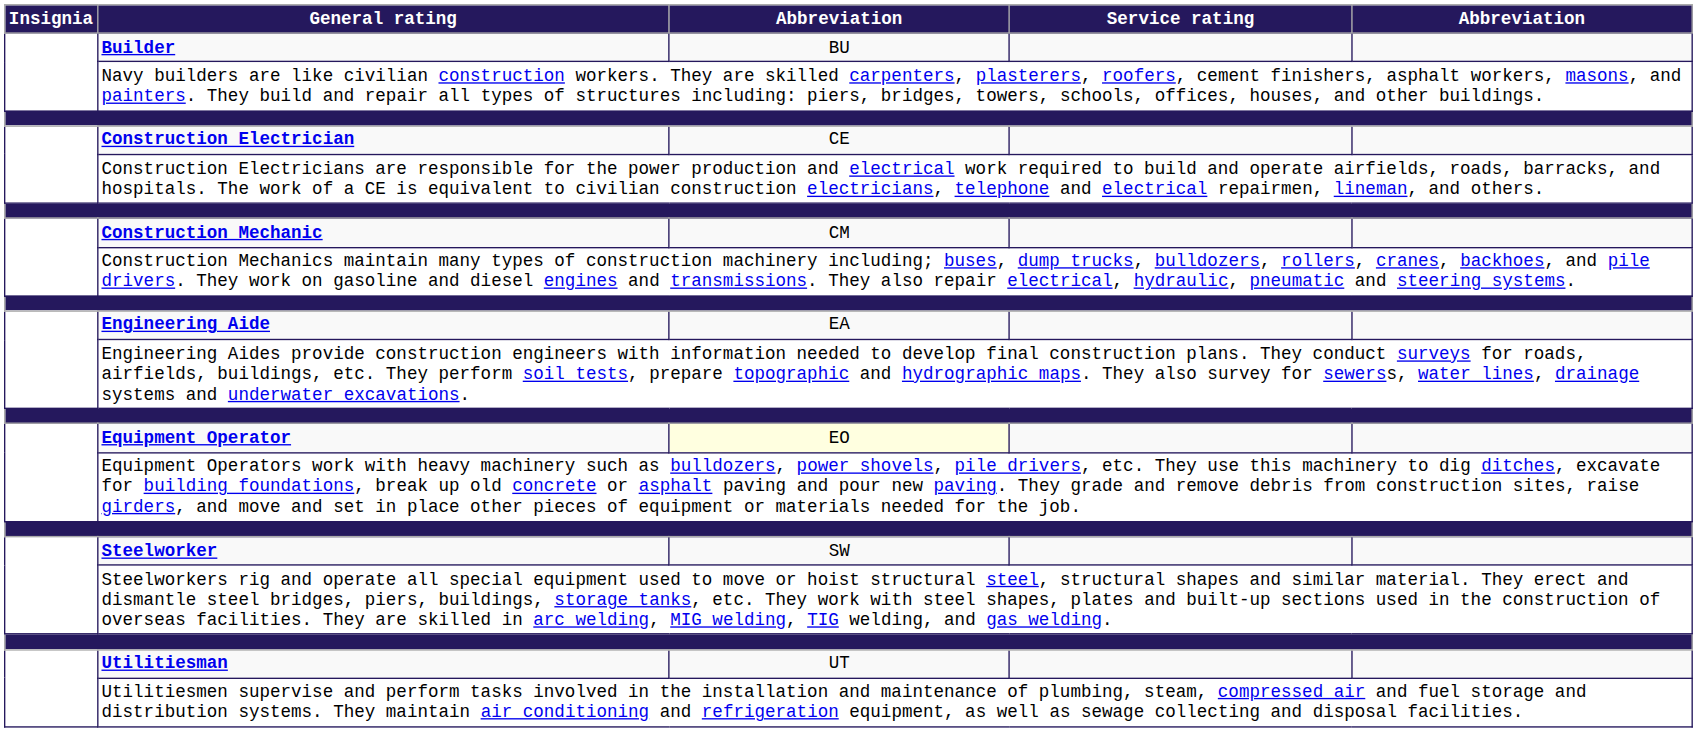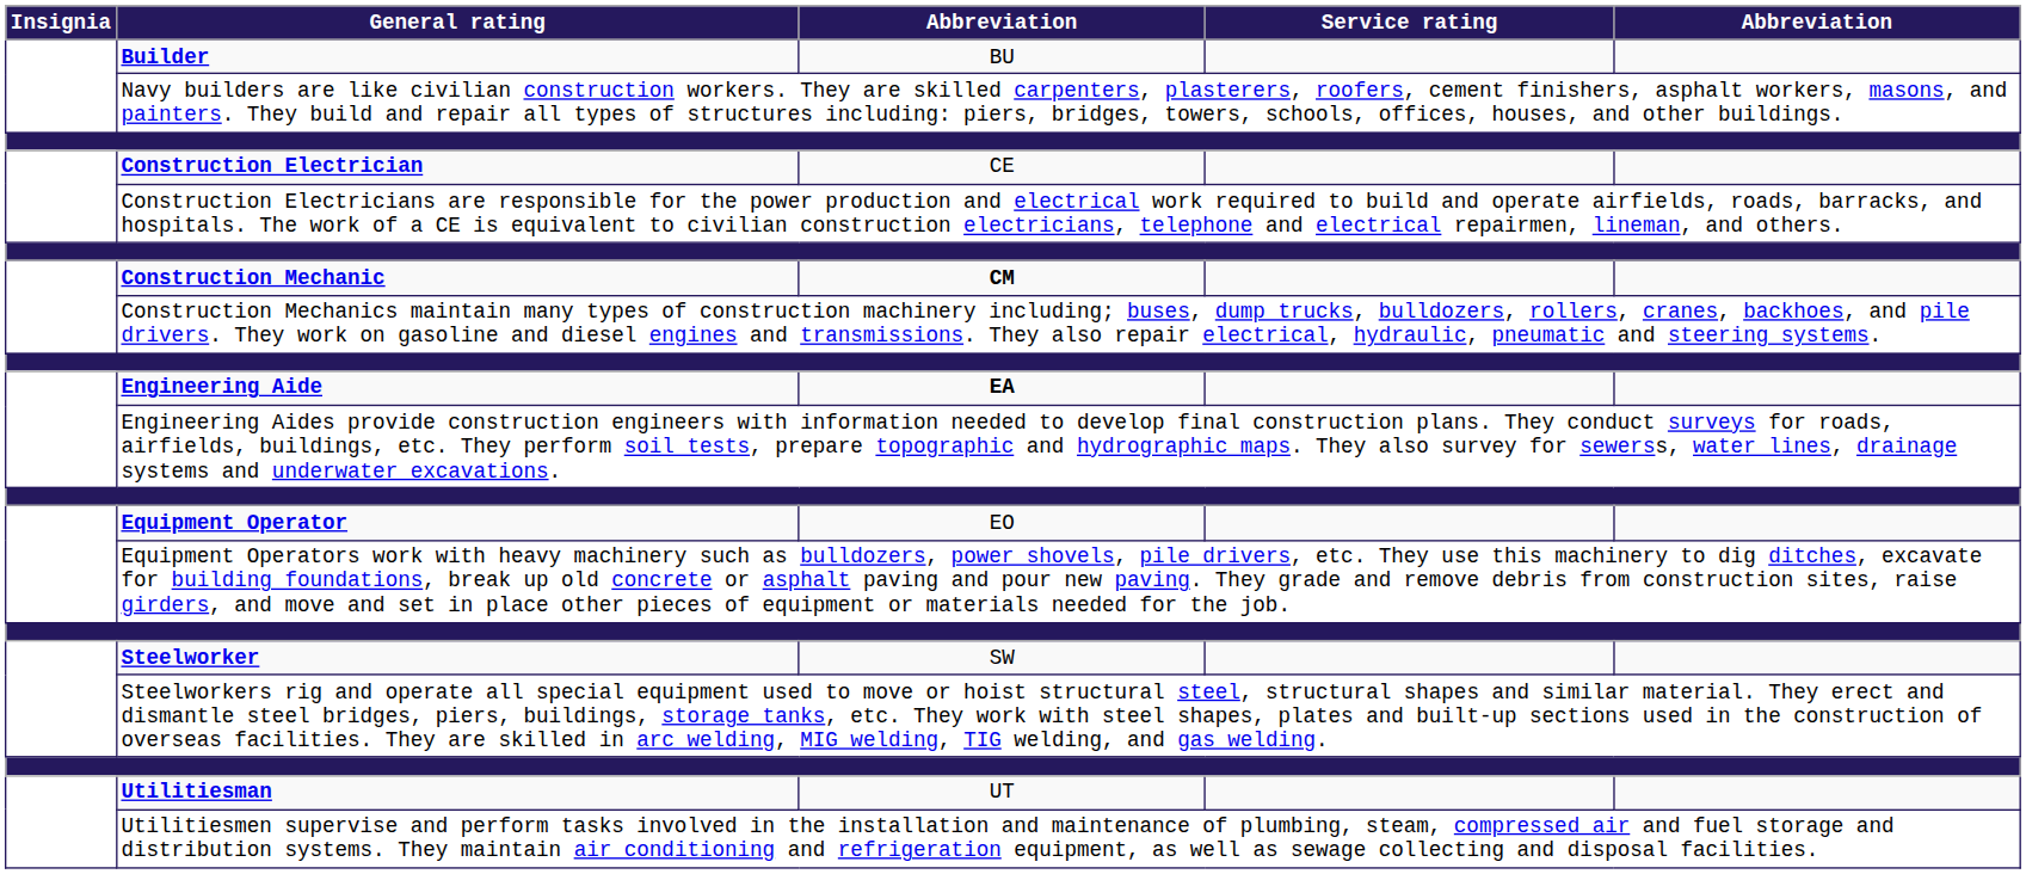 <table class="wikitable" style="border:#25185d;">
 <tr>
 <th style="background:#25185d; color:white;">Insignia</th>
 <th style="background:#25185d; color:white;">General rating</th>
 <th style="background:#25185d; color:white;">Abbreviation</th>
 <th style="background:#25185d; color:white;">Service rating</th>
 <th style="background:#25185d; color:white;">Abbreviation</th>
 </tr>
 <tr>
 <td style="border:1px solid #25185d; background:#fff;" rowspan="2"></td>
 <td style="border: 1px solid #25185d;"><strong><a href='#'>Builder</a></strong></td>
 <td style="border: 1px solid #25185d; text-align: center">BU</td>
 <td style="border: 1px solid #25185d; text-align: center; font-size: x-small"></td>
 <td style="border: 1px solid #25185d; text-align: center; font-size: x-small"></td>
 </tr>
 <tr style="border:1px solid #25185d; background:#fff;"|>
 <td colspan="4" style="border:1px solid #25185d; vertical-align:top;">Navy builders are like civilian <a href='#'>construction</a> workers. They are skilled <a href='#'>carpenters</a>, <a href='#'>plasterers</a>, <a href='#'>roofers</a>, cement finishers, asphalt workers, <a href='#'>masons</a>, and <a href='#'>painters</a>. They build and repair all types of structures including: piers, bridges, towers, schools, offices, houses, and other buildings.</td>
 </tr>
 <tr>
 <td colspan="5"  style="background:#25185d; height:5px;"></td>
 </tr>
 <tr>
 <td style="border:1px solid #25185d; background:#fff;" rowspan="2"></td>
 <td style="border: 1px solid #25185d;"><strong><a href='#'>Construction Electrician</a></strong></td>
 <td style="border: 1px solid #25185d; text-align: center">CE</td>
 <td style="border: 1px solid #25185d; text-align: center; font-size: x-small"></td>
 <td style="border: 1px solid #25185d; text-align: center; font-size: x-small"></td>
 </tr>
 <tr style="border:1px solid #25185d; background:#fff;"|>
 <td colspan="4" style="border:1px solid #25185d; vertical-align:top;">Construction Electricians are responsible for the power production and <a href='#'>electrical</a> work required to build and operate airfields, roads, barracks, and hospitals. The work of a CE is equivalent to civilian construction <a href='#'>electricians</a>, <a href='#'>telephone</a> and <a href='#'>electrical</a> repairmen, <a href='#'>lineman</a>, and others.</td>
 </tr>
 <tr>
 <td colspan="5"  style="background:#25185d; height:5px;"></td>
 </tr>
 <tr>
 <td style="border:1px solid #25185d; background:#fff;" rowspan="2"></td>
 <td style="border: 1px solid #25185d;"><strong><a href='#'>Construction Mechanic</a></strong></td>
-<td style="border: 1px solid #25185d; text-align: center">CM</td>
+<td style="border: 1px solid #25185d; text-align: center"><strong>CM</strong></td>
 <td style="border: 1px solid #25185d; text-align: center; font-size: x-small"></td>
 <td style="border: 1px solid #25185d; text-align: center; font-size: x-small"></td>
 </tr>
 <tr style="border:1px solid #25185d; background:#fff;"|>
 <td colspan="4" style="border:1px solid #25185d; vertical-align:top;">Construction Mechanics maintain many types of construction machinery including; <a href='#'>buses</a>, <a href='#'>dump trucks</a>, <a href='#'>bulldozers</a>, <a href='#'>rollers</a>, <a href='#'>cranes</a>, <a href='#'>backhoes</a>, and <a href='#'>pile drivers</a>. They work on gasoline and diesel <a href='#'>engines</a> and <a href='#'>transmissions</a>. They also repair <a href='#'>electrical</a>, <a href='#'>hydraulic</a>, <a href='#'>pneumatic</a> and <a href='#'>steering systems</a>.</td>
 </tr>
 <tr>
 <td colspan="5"  style="background:#25185d; height:5px;"></td>
 </tr>
 <tr>
 <td style="border:1px solid #25185d; background:#fff;" rowspan="2"></td>
 <td style="border: 1px solid #25185d;"><strong><a href='#'>Engineering Aide</a></strong></td>
-<td style="border: 1px solid #25185d; text-align: center">EA</td>
+<td style="border: 1px solid #25185d; text-align: center"><strong>EA</strong></td>
 <td style="border: 1px solid #25185d; text-align: center; font-size: x-small"></td>
 <td style="border: 1px solid #25185d; text-align: center; font-size: x-small"></td>
 </tr>
 <tr style="border:1px solid #25185d; background:#fff;"|>
 <td colspan="4" style="border:1px solid #25185d; vertical-align:top;">Engineering Aides provide construction engineers with information needed to develop final construction plans. They conduct <a href='#'>surveys</a> for roads, airfields, buildings, etc. They perform <a href='#'>soil tests</a>, prepare <a href='#'>topographic</a> and <a href='#'>hydrographic maps</a>. They also survey for <a href='#'>sewers</a>s, <a href='#'>water lines</a>, <a href='#'>drainage</a> systems and <a href='#'>underwater excavations</a>.</td>
 </tr>
 <tr>
 <td colspan="5"  style="background:#25185d; height:5px;"></td>
 </tr>
 <tr>
 <td style="border:1px solid #25185d; background:#fff;" rowspan="2"></td>
 <td style="border: 1px solid #25185d;"><strong><a href='#'>Equipment Operator</a></strong></td>
-<td style="background: lightyellow; border: 1px solid #25185d; text-align: center">EO</td>
+<td style="border: 1px solid #25185d; text-align: center">EO</td>
 <td style="border: 1px solid #25185d; text-align: center; font-size: x-small"></td>
 <td style="border: 1px solid #25185d; text-align: center; font-size: x-small"></td>
 </tr>
 <tr style="border:1px solid #25185d; background:#fff;"|>
 <td colspan="4" style="border:1px solid #25185d; vertical-align:top;">Equipment Operators work with heavy machinery such as <a href='#'>bulldozers</a>, <a href='#'>power shovels</a>, <a href='#'>pile drivers</a>, etc. They use this machinery to dig <a href='#'>ditches</a>, excavate for <a href='#'>building foundations</a>, break up old <a href='#'>concrete</a> or <a href='#'>asphalt</a> paving and pour new <a href='#'>paving</a>. They grade and remove debris from construction sites, raise <a href='#'>girders</a>, and move and set in place other pieces of equipment or materials needed for the job.</td>
 </tr>
 <tr>
 <td colspan="5"  style="background:#25185d; height:5px;"></td>
 </tr>
 <tr>
 <td style="border:1px solid #25185d; background:#fff;" rowspan="2"></td>
 <td style="border: 1px solid #25185d;"><strong><a href='#'>Steelworker</a></strong></td>
 <td style="border: 1px solid #25185d; text-align: center">SW</td>
 <td style="border: 1px solid #25185d; text-align: center; font-size: x-small"></td>
 <td style="border: 1px solid #25185d; text-align: center; font-size: x-small"></td>
 </tr>
 <tr style="border:1px solid #25185d; background:#fff;"|>
 <td colspan="4" style="border:1px solid #25185d; vertical-align:top;">Steelworkers rig and operate all special equipment used to move or hoist structural <a href='#'>steel</a>, structural shapes and similar material. They erect and dismantle steel bridges, piers, buildings, <a href='#'>storage tanks</a>, etc. They work with steel shapes, plates and built-up sections used in the construction of overseas facilities. They are skilled in <a href='#'>arc welding</a>, <a href='#'>MIG welding</a>, <a href='#'>TIG</a> welding, and <a href='#'>gas welding</a>.</td>
 </tr>
 <tr>
 <td colspan="5"  style="background:#25185d; height:5px;"></td>
 </tr>
 <tr>
 <td style="border:1px solid #25185d; background:#fff;" rowspan="2"></td>
 <td style="border: 1px solid #25185d;"><strong><a href='#'>Utilitiesman</a></strong></td>
 <td style="border: 1px solid #25185d; text-align: center">UT</td>
 <td style="border: 1px solid #25185d; text-align: center; font-size: x-small"></td>
 <td style="border: 1px solid #25185d; text-align: center; font-size: x-small"></td>
 </tr>
 <tr style="border:1px solid #25185d; background:#fff;"|>
 <td colspan="4" style="border:1px solid #25185d; vertical-align:top;">Utilitiesmen supervise and perform tasks involved in the installation and maintenance of plumbing, steam, <a href='#'>compressed air</a> and fuel storage and distribution systems. They maintain <a href='#'>air conditioning</a> and <a href='#'>refrigeration</a> equipment, as well as sewage collecting and disposal facilities.</td>
 </tr>
 </table>
